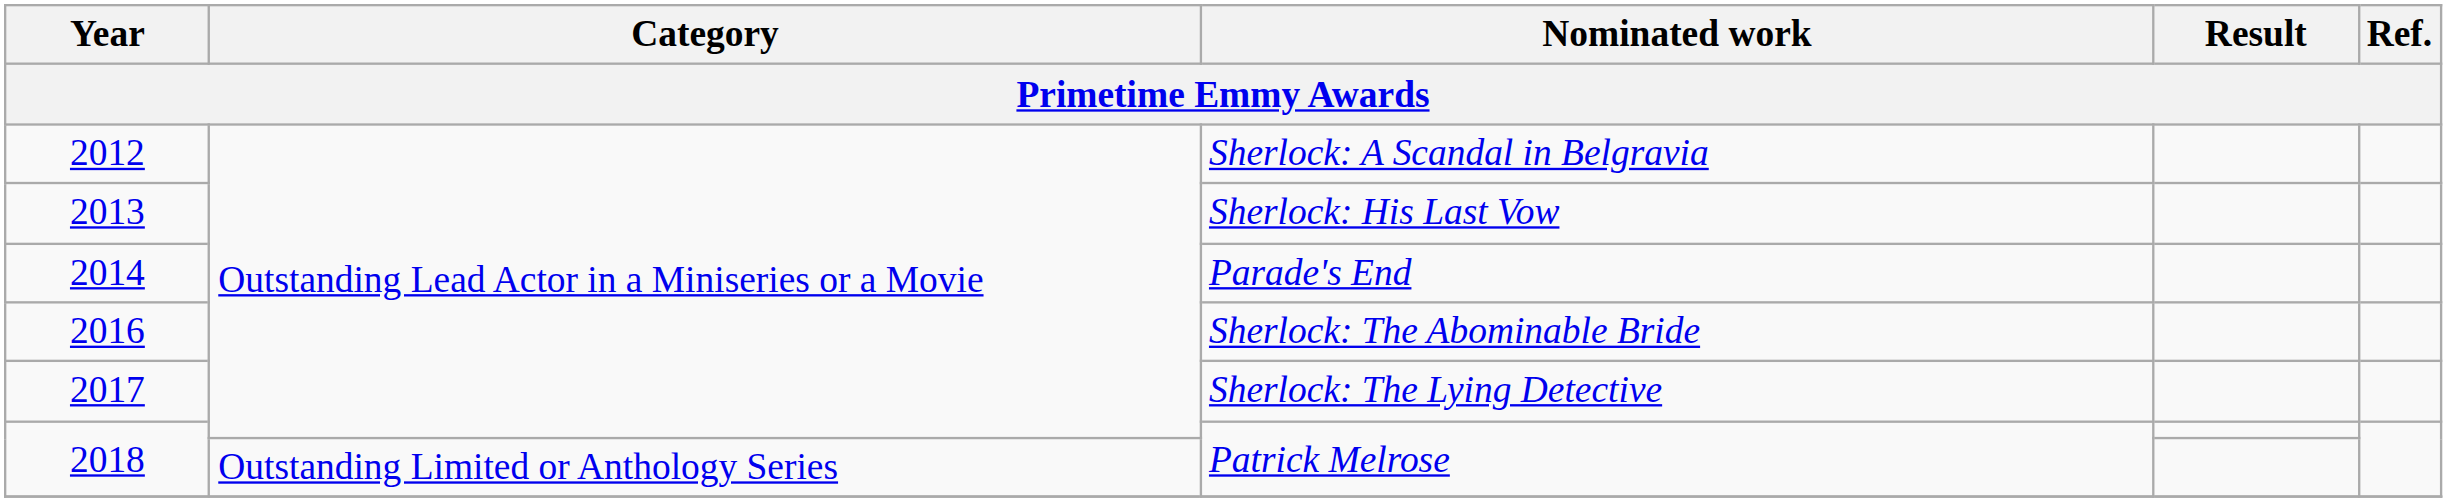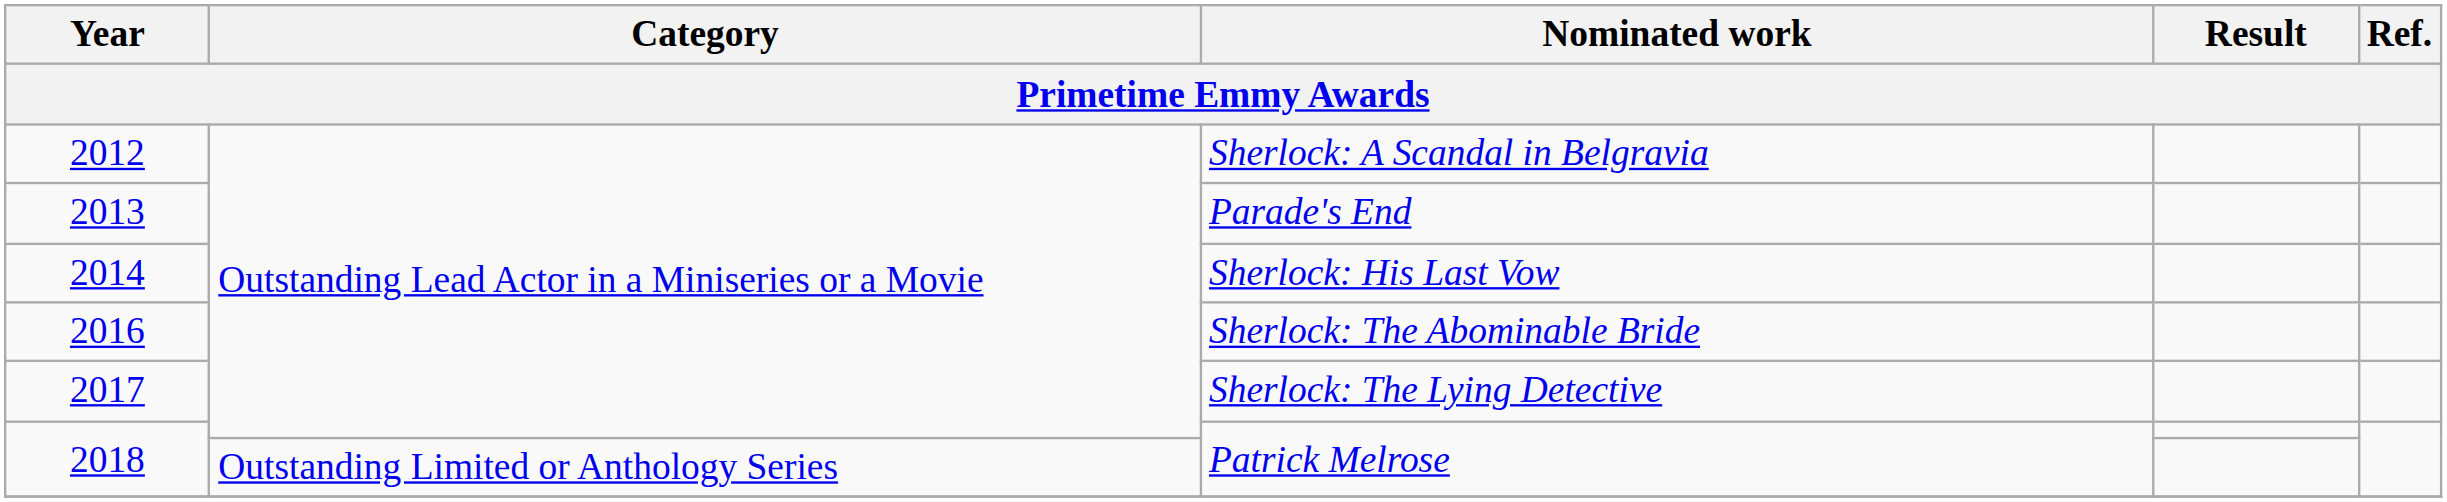 <table class=wikitable>
 <tr>
 <th scope="col" style="width:5em;">Year</th>
 <th scope="col" style="width:26em;">Category</th>
 <th scope="col" style="width:25em;">Nominated work</th>
 <th scope="col" style="width:5em;">Result</th>
 <th>Ref.</th>
 </tr>
 <tr>
 <th colspan=5><a href='#'>Primetime Emmy Awards</a></th>
 </tr>
 <tr>
 <td style="text-align:center;"><a href='#'>2012</a></td>
 <td rowspan=6><a href='#'>Outstanding Lead Actor in a Miniseries or a Movie</a></td>
 <td><em><a href='#'>Sherlock: A Scandal in Belgravia</a></em></td>
 <td></td>
 <td style="text-align:center;"></td>
 </tr>
 <tr>
 <td style="text-align:center;"><a href='#'>2013</a></td>
-<td><em><a href='#'>Sherlock: His Last Vow</a></em></td>
+<td><em><a href='#'>Parade's End</a></em></td>
 <td></td>
 <td style="text-align:center;"></td>
 </tr>
 <tr>
 <td style="text-align:center;"><a href='#'>2014</a></td>
-<td><em><a href='#'>Parade's End</a></em></td>
+<td><em><a href='#'>Sherlock: His Last Vow</a></em></td>
 <td></td>
 <td style="text-align:center;"></td>
 </tr>
 <tr>
 <td style="text-align:center;"><a href='#'>2016</a></td>
 <td><em><a href='#'>Sherlock: The Abominable Bride</a></em></td>
 <td></td>
 <td style="text-align:center;"></td>
 </tr>
 <tr>
 <td style="text-align:center;"><a href='#'>2017</a></td>
 <td><em><a href='#'>Sherlock: The Lying Detective</a></em></td>
 <td></td>
 <td style="text-align:center;"></td>
 </tr>
 <tr>
 <td rowspan=2, style="text-align:center;"><a href='#'>2018</a></td>
 <td rowspan=2><em><a href='#'>Patrick Melrose</a></em></td>
 <td></td>
 <td rowspan=2, style="text-align:center;"></td>
 </tr>
 <tr>
 <td><a href='#'>Outstanding Limited or Anthology Series</a></td>
 <td></td>
 </tr>
 <tr>
 </tr>
 </table>
